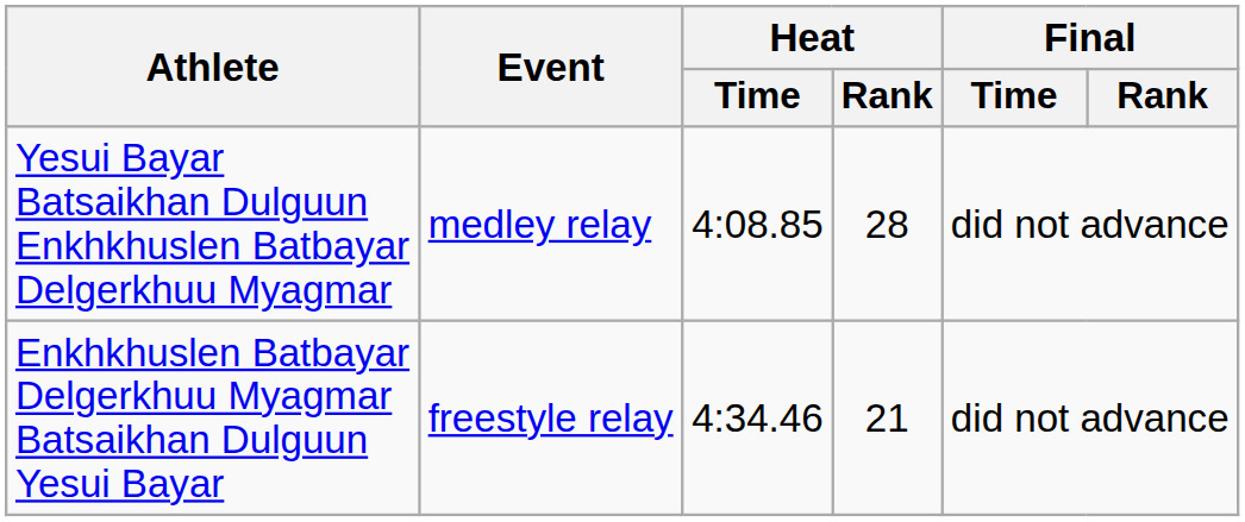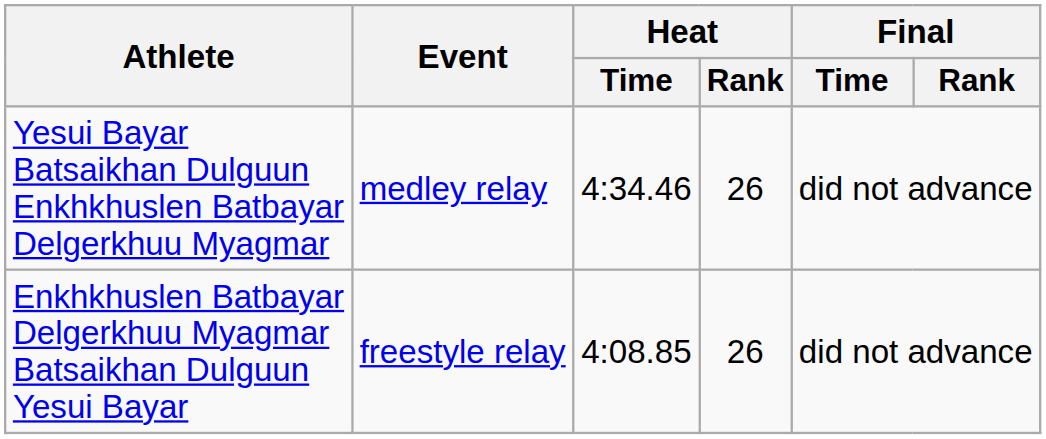 <table class=wikitable style="font-size:90%">
 <tr>
 <th rowspan="2">Athlete</th>
 <th rowspan="2">Event</th>
 <th colspan="2">Heat</th>
 <th colspan="2">Final</th>
 </tr>
 <tr style="font-size:95%">
 <th>Time</th>
 <th>Rank</th>
 <th>Time</th>
 <th>Rank</th>
 </tr>
 <tr align=center>
 <td align=left><a href='#'>Yesui Bayar</a><br><a href='#'>Batsaikhan Dulguun</a><br><a href='#'>Enkhkhuslen Batbayar</a><br><a href='#'>Delgerkhuu Myagmar</a></td>
 <td align=left><a href='#'> medley relay</a></td>
-<td>4:08.85</td>
-<td>28</td>
+<td>4:34.46</td>
+<td>26</td>
 <td colspan=2>did not advance</td>
 </tr>
 <tr align=center>
 <td align=left><a href='#'>Enkhkhuslen Batbayar</a><br><a href='#'>Delgerkhuu Myagmar</a><br><a href='#'>Batsaikhan Dulguun</a><br><a href='#'>Yesui Bayar</a></td>
 <td align=left><a href='#'> freestyle relay</a></td>
-<td>4:34.46</td>
-<td>21</td>
+<td>4:08.85</td>
+<td>26</td>
 <td colspan=2>did not advance</td>
 </tr>
 </table>
